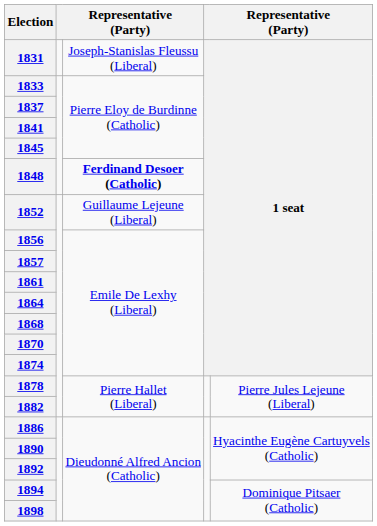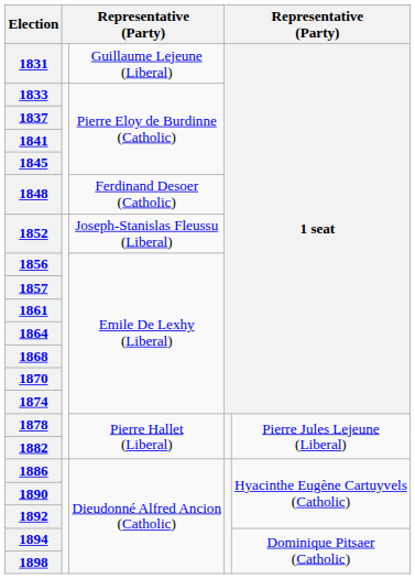 <table class="wikitable" style="text-align:center">
 <tr>
 <th>Election</th>
 <th colspan=2>Representative<br>(Party)</th>
 <th colspan=2>Representative<br>(Party)</th>
 </tr>
 <tr>
 <th><a href='#'>1831</a></th>
 <td rowspan=1; style="background-color: "></td>
-<td rowspan=1><a href='#'>Joseph-Stanislas Fleussu</a><br>(<a href='#'>Liberal</a>)</td>
+<td rowspan=1><a href='#'>Guillaume Lejeune</a><br>(<a href='#'>Liberal</a>)</td>
 <th rowspan=14; colspan=2>1 seat</th>
 </tr>
 <tr>
 <th><a href='#'>1833</a></th>
 <td rowspan=5; style="background-color: "></td>
 <td rowspan=4><a href='#'>Pierre Eloy de Burdinne</a><br>(<a href='#'>Catholic</a>)</td>
 </tr>
 <tr>
 <th><a href='#'>1837</a></th>
 </tr>
 <tr>
 <th><a href='#'>1841</a></th>
 </tr>
 <tr>
 <th><a href='#'>1845</a></th>
 </tr>
 <tr>
 <th><a href='#'>1848</a></th>
-<td rowspan=1><strong><a href='#'>Ferdinand Desoer</a><br>(<a href='#'>Catholic</a>)</strong></td>
+<td rowspan=1><a href='#'>Ferdinand Desoer</a><br>(<a href='#'>Catholic</a>)</td>
 </tr>
 <tr>
 <th><a href='#'>1852</a></th>
 <td rowspan=10; style="background-color: "></td>
-<td rowspan=1><a href='#'>Guillaume Lejeune</a><br>(<a href='#'>Liberal</a>)</td>
+<td rowspan=1><a href='#'>Joseph-Stanislas Fleussu</a><br>(<a href='#'>Liberal</a>)</td>
 </tr>
 <tr>
 <th><a href='#'>1856</a></th>
 <td rowspan=7><a href='#'>Emile De Lexhy</a><br>(<a href='#'>Liberal</a>)</td>
 </tr>
 <tr>
 <th><a href='#'>1857</a></th>
 </tr>
 <tr>
 <th><a href='#'>1861</a></th>
 </tr>
 <tr>
 <th><a href='#'>1864</a></th>
 </tr>
 <tr>
 <th><a href='#'>1868</a></th>
 </tr>
 <tr>
 <th><a href='#'>1870</a></th>
 </tr>
 <tr>
 <th><a href='#'>1874</a></th>
 </tr>
 <tr>
 <th><a href='#'>1878</a></th>
 <td rowspan=2><a href='#'>Pierre Hallet</a><br>(<a href='#'>Liberal</a>)</td>
 <td rowspan=2; style="background-color: "></td>
 <td rowspan=2><a href='#'>Pierre Jules Lejeune</a><br>(<a href='#'>Liberal</a>)</td>
 </tr>
 <tr>
 <th><a href='#'>1882</a></th>
 </tr>
 <tr>
 <th><a href='#'>1886</a></th>
 <td rowspan=5; style="background-color: "></td>
 <td rowspan=5><a href='#'>Dieudonné Alfred Ancion</a><br>(<a href='#'>Catholic</a>)</td>
 <td rowspan=5; style="background-color: "></td>
 <td rowspan=3><a href='#'>Hyacinthe Eugène Cartuyvels</a><br>(<a href='#'>Catholic</a>)</td>
 </tr>
 <tr>
 <th><a href='#'>1890</a></th>
 </tr>
 <tr>
 <th><a href='#'>1892</a></th>
 </tr>
 <tr>
 <th><a href='#'>1894</a></th>
 <td rowspan=2><a href='#'>Dominique Pitsaer</a><br>(<a href='#'>Catholic</a>)</td>
 </tr>
 <tr>
 <th><a href='#'>1898</a></th>
 </tr>
 </table>
